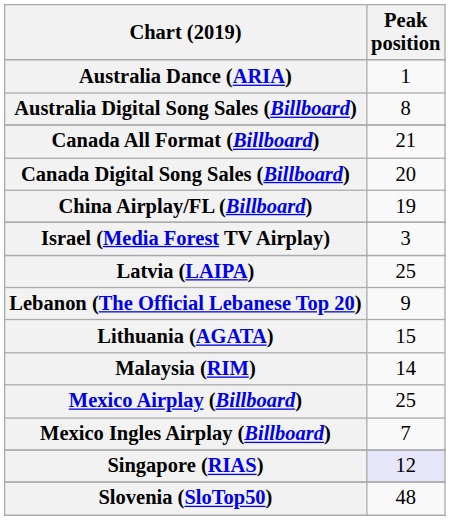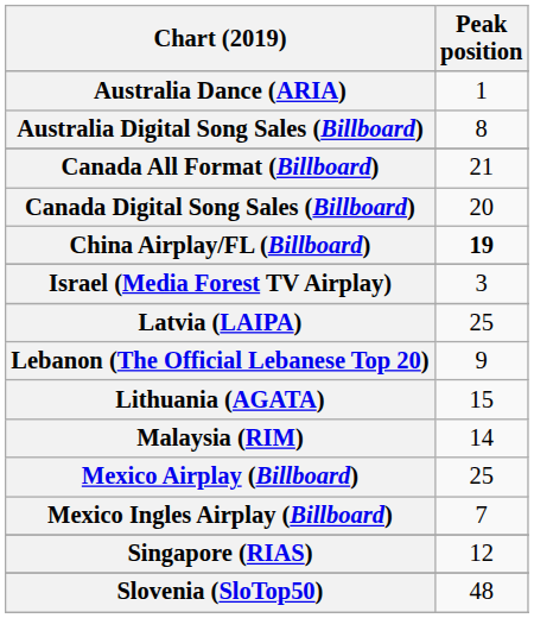 <table class="wikitable sortable plainrowheaders" style="text-align:center">
 <tr>
 <th scope="col">Chart (2019)</th>
 <th scope="col">Peak<br>position</th>
 </tr>
 <tr>
 </tr>
 <tr>
 <th scope="row">Australia Dance (<a href='#'>ARIA</a>)</th>
 <td>1</td>
 </tr>
 <tr>
 <th scope="row">Australia Digital Song Sales (<em><a href='#'>Billboard</a></em>)</th>
 <td>8</td>
 </tr>
 <tr>
 </tr>
 <tr>
 </tr>
 <tr>
 </tr>
 <tr>
 </tr>
 <tr>
 <th scope="row">Canada All Format  (<em><a href='#'>Billboard</a></em>)</th>
 <td>21</td>
 </tr>
 <tr>
 <th scope="row">Canada Digital Song Sales  (<em><a href='#'>Billboard</a></em>)</th>
 <td>20</td>
 </tr>
 <tr>
 <th scope="row">China Airplay/FL (<em><a href='#'>Billboard</a></em>)</th>
-<td>19</td>
+<td><strong>19</strong></td>
 </tr>
 <tr>
 </tr>
 <tr>
 </tr>
 <tr>
 </tr>
 <tr>
 </tr>
 <tr>
 </tr>
 <tr>
 <th scope="row">Israel (<a href='#'>Media Forest</a> TV Airplay)</th>
 <td>3</td>
 </tr>
 <tr>
 </tr>
 <tr>
 <th scope="row">Latvia (<a href='#'>LAIPA</a>)</th>
 <td>25</td>
 </tr>
 <tr>
 <th scope="row">Lebanon (<a href='#'>The Official Lebanese Top 20</a>)</th>
 <td>9</td>
 </tr>
 <tr>
 <th scope="row">Lithuania (<a href='#'>AGATA</a>)</th>
 <td>15</td>
 </tr>
 <tr>
 <th scope="row">Malaysia (<a href='#'>RIM</a>)</th>
 <td>14</td>
 </tr>
 <tr>
 <th scope="row"><a href='#'>Mexico Airplay</a> (<em><a href='#'>Billboard</a></em>)</th>
 <td>25</td>
 </tr>
 <tr>
 <th scope="row">Mexico Ingles Airplay  (<em><a href='#'>Billboard</a></em>)</th>
 <td>7</td>
 </tr>
 <tr>
 </tr>
 <tr>
 </tr>
 <tr>
 </tr>
 <tr>
 </tr>
 <tr>
 </tr>
 <tr>
 </tr>
 <tr>
 <th scope="row">Singapore (<a href='#'>RIAS</a>)</th>
-<td style="background: lavender;">12</td>
+<td>12</td>
 </tr>
 <tr>
 </tr>
 <tr>
 <th scope="row">Slovenia (<a href='#'>SloTop50</a>)</th>
 <td>48</td>
 </tr>
 <tr>
 </tr>
 <tr>
 </tr>
 <tr>
 </tr>
 <tr>
 </tr>
 <tr>
 </tr>
 <tr>
 </tr>
 </table>
